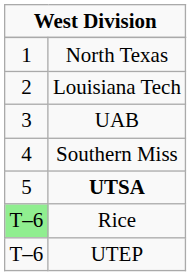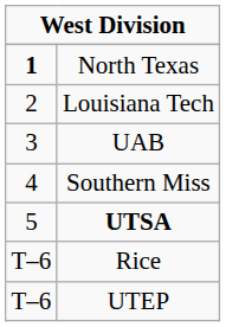 <table class="wikitable">
 <tr align="center">
 <td align="center" Colspan="2"><strong>West Division</strong></td>
 </tr>
 <tr align="center">
 </tr>
 <tr align="center">
-<td>1</td>
+<td><strong>1</strong></td>
 <td>North Texas</td>
 </tr>
 <tr align="center">
 <td>2</td>
 <td>Louisiana Tech</td>
 </tr>
 <tr align="center">
 <td>3</td>
 <td>UAB</td>
 </tr>
 <tr align="center">
 <td>4</td>
 <td>Southern Miss</td>
 </tr>
 <tr align="center">
 <td>5</td>
 <td><strong>UTSA</strong></td>
 </tr>
 <tr align="center">
-<td style="background: lightgreen;">T–6</td>
+<td>T–6</td>
 <td>Rice</td>
 </tr>
 <tr align="center">
 <td>T–6</td>
 <td>UTEP</td>
 </tr>
 </table>
